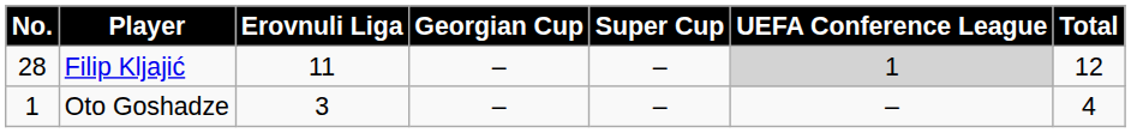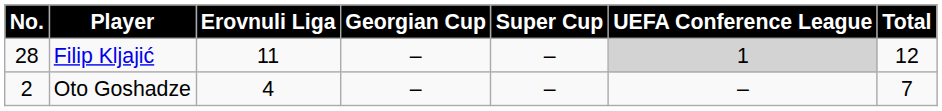 <table class="wikitable" style="font-size: 95%; text-align: center;">
 <tr>
 <th style="background:#000000; color:white; width=30">No.</th>
 <th style="background:#000000; color:white; width=30">Player</th>
 <th style="background:#000000; color:white; width=150">Erovnuli Liga</th>
 <th style="background:#000000; color:white; width=150">Georgian Cup</th>
 <th style="background:#000000; color:white; width=150">Super Cup</th>
 <th style="background:#000000; color:white; width=150">UEFA Conference League</th>
 <th style="background:#000000; color:white; width=80">Total</th>
 </tr>
 <tr>
 <td>28</td>
 <td align=left> <a href='#'>Filip Kljajić</a></td>
 <td>11</td>
 <td>–</td>
 <td>–</td>
 <td style="background: lightgrey;">1</td>
 <td>12</td>
 </tr>
 <tr>
-<td>1</td>
+<td>2</td>
 <td align=left> Oto Goshadze</td>
-<td>3</td>
+<td>4</td>
 <td>–</td>
 <td>–</td>
 <td>–</td>
-<td>4</td>
+<td>7</td>
 </tr>
 </table>
